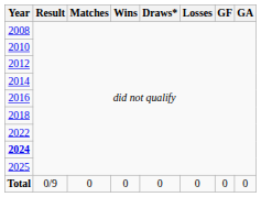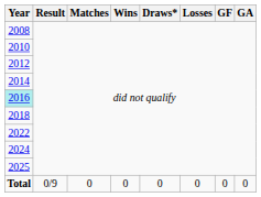 <table class="wikitable" style=" text-align: center;">
 <tr>
 <th>Year</th>
 <th>Result</th>
 <th>Matches</th>
 <th>Wins</th>
 <th>Draws*</th>
 <th>Losses</th>
 <th>GF</th>
 <th>GA</th>
 </tr>
 <tr>
 <td> <a href='#'>2008</a></td>
 <td rowspan=9 colspan=7><em>did not qualify</em></td>
 </tr>
 <tr>
 <td> <a href='#'>2010</a></td>
 </tr>
 <tr>
 <td> <a href='#'>2012</a></td>
 </tr>
 <tr>
 <td> <a href='#'>2014</a></td>
 </tr>
 <tr>
-<td> <a href='#'>2016</a></td>
+<td style="background: paleturquoise;"> <a href='#'>2016</a></td>
 </tr>
 <tr>
 <td> <a href='#'>2018</a></td>
 </tr>
 <tr>
 <td> <a href='#'>2022</a></td>
 </tr>
 <tr>
-<td><strong> <a href='#'>2024</a></strong></td>
+<td> <a href='#'>2024</a></td>
 </tr>
 <tr>
 <td> <a href='#'>2025</a></td>
 </tr>
 <tr>
 <td><strong>Total</strong></td>
 <td>0/9</td>
 <td>0</td>
 <td>0</td>
 <td>0</td>
 <td>0</td>
 <td>0</td>
 <td>0</td>
 </tr>
 </table>
